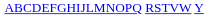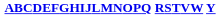 <table id="toc" class="toc" summary="Class">
 <tr>
 <th></th>
 </tr>
 <tr>
-<td style="text-align:center;"><a href='#'>A</a><a href='#'>B</a><a href='#'>C</a><a href='#'>D</a><a href='#'>E</a><a href='#'>F</a><a href='#'>G</a><a href='#'>H</a><a href='#'>I</a><a href='#'>J</a><a href='#'>L</a><a href='#'>M</a><a href='#'>N</a><a href='#'>O</a><a href='#'>P</a><a href='#'>Q</a> <a href='#'>R</a><a href='#'>S</a><a href='#'>T</a><a href='#'>V</a><a href='#'>W</a> <a href='#'>Y</a></td>
+<td style="text-align:center;"><strong><a href='#'>A</a><a href='#'>B</a><a href='#'>C</a><a href='#'>D</a><a href='#'>E</a><a href='#'>F</a><a href='#'>G</a><a href='#'>H</a><a href='#'>I</a><a href='#'>J</a><a href='#'>L</a><a href='#'>M</a><a href='#'>N</a><a href='#'>O</a><a href='#'>P</a><a href='#'>Q</a> <a href='#'>R</a><a href='#'>S</a><a href='#'>T</a><a href='#'>V</a><a href='#'>W</a> <a href='#'>Y</a></strong></td>
 </tr>
 </table>
